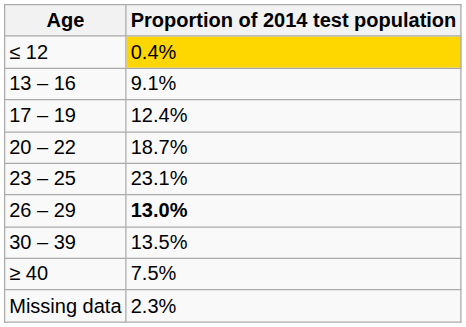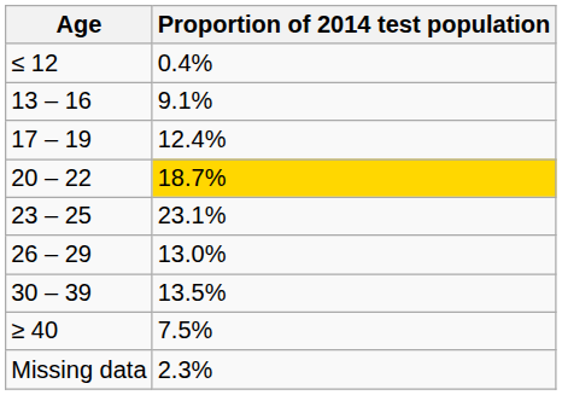 <table class="wikitable">
 <tr>
 <th>Age</th>
 <th>Proportion of 2014 test population</th>
 </tr>
 <tr>
 <td>≤ 12</td>
-<td style="background: gold;">0.4%</td>
+<td>0.4%</td>
 </tr>
 <tr>
 <td>13 – 16</td>
 <td>9.1%</td>
 </tr>
 <tr>
 <td>17 – 19</td>
 <td>12.4%</td>
 </tr>
 <tr>
 <td>20 – 22</td>
-<td>18.7%</td>
+<td style="background: gold;">18.7%</td>
 </tr>
 <tr>
 <td>23 – 25</td>
 <td>23.1%</td>
 </tr>
 <tr>
 <td>26 – 29</td>
-<td><strong>13.0%</strong></td>
+<td>13.0%</td>
 </tr>
 <tr>
 <td>30 – 39</td>
 <td>13.5%</td>
 </tr>
 <tr>
 <td>≥ 40</td>
 <td>7.5%</td>
 </tr>
 <tr>
 <td>Missing data</td>
 <td>2.3%</td>
 </tr>
 </table>
